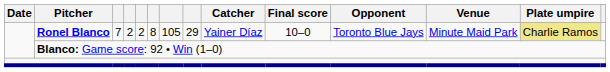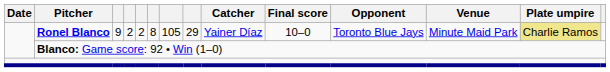 <table class="wikitable unsortable" border="1" style="font-size: 90%">
 <tr>
 <th>Date</th>
 <th>Pitcher</th>
 <th></th>
 <th></th>
 <th></th>
 <th></th>
 <th></th>
 <th></th>
 <th>Catcher</th>
 <th>Final score</th>
 <th>Opponent</th>
 <th>Venue</th>
 <th>Plate umpire</th>
 <th></th>
 </tr>
 <tr>
 <td align="center" rowspan="2"></td>
 <td><strong><a href='#'>Ronel Blanco</a></strong></td>
-<td align="center">7</td>
+<td align="center">9</td>
 <td align="center">2</td>
 <td align="center">2</td>
 <td align="center">8</td>
 <td align="center">105</td>
 <td align="center">29</td>
 <td align="center"><a href='#'>Yainer Díaz</a></td>
 <td align="center">10–0</td>
 <td align="center"><a href='#'>Toronto Blue Jays</a></td>
 <td align="center"><a href='#'>Minute Maid Park</a></td>
 <td align="center" style="background: khaki;">Charlie Ramos</td>
 <td align="center"></td>
 </tr>
 <tr>
 <td colspan="13"><strong>Blanco:</strong> <a href='#'>Game score</a>: 92 • <a href='#'>Win</a> (1–0)</td>
 </tr>
 <tr>
 <td style="border-bottom:#020088 5px solid;" colspan="14"></td>
 </tr>
 </table>
